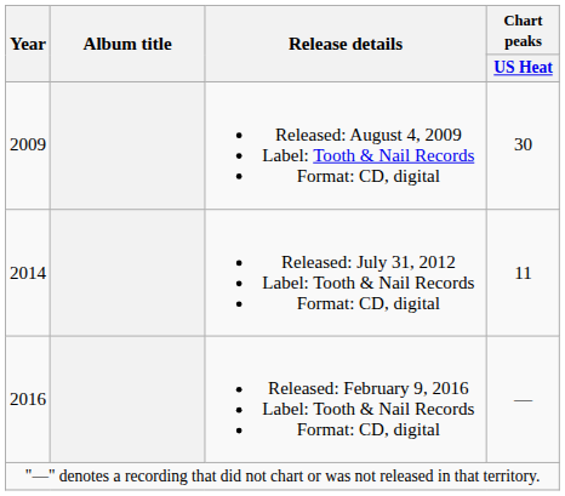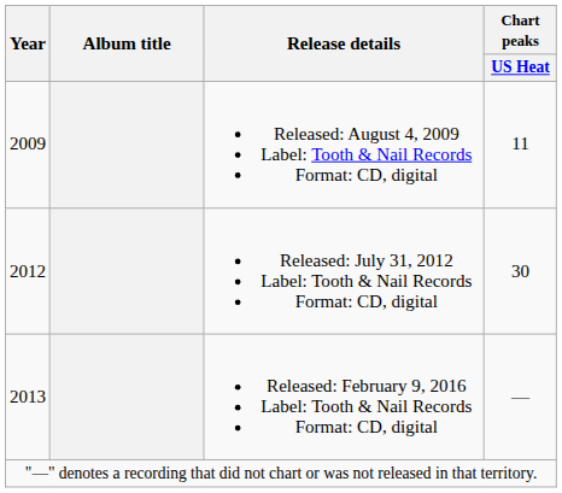 <table class="wikitable plainrowheaders" style="text-align:center;">
 <tr>
 <th rowspan="2;" width="15px">Year</th>
 <th scope="col" rowspan="2" style="width:8em;">Album title</th>
 <th scope="col" rowspan="2" style="width:15em;">Release details</th>
 <th scope="col" colspan="1"><small>Chart peaks</small></th>
 </tr>
 <tr>
 <th style="width:4em;font-size:90%;"><a href='#'>US Heat</a></th>
 </tr>
 <tr>
 <td>2009</td>
 <th></th>
 <td><br><ul><li>Released: August 4, 2009</li><li>Label: <a href='#'>Tooth & Nail Records</a></li><li>Format: CD, digital</li></ul></td>
+<td>11</td>
+</tr>
+<tr>
+<td>2012</td>
+<th></th>
+<td><br><ul><li>Released: July 31, 2012</li><li>Label: Tooth & Nail Records</li><li>Format: CD, digital</li></ul></td>
 <td>30</td>
 </tr>
 <tr>
-<td>2014</td>
-<th></th>
-<td><br><ul><li>Released: July 31, 2012</li><li>Label: Tooth & Nail Records</li><li>Format: CD, digital</li></ul></td>
-<td>11</td>
-</tr>
-<tr>
-<td>2016</td>
+<td>2013</td>
 <th></th>
 <td><br><ul><li>Released: February 9, 2016</li><li>Label: Tooth & Nail Records</li><li>Format: CD, digital</li></ul></td>
 <td>—</td>
 </tr>
 <tr>
 <td colspan="6" style="font-size:90%">"—" denotes a recording that did not chart or was not released in that territory.</td>
 </tr>
 </table>
